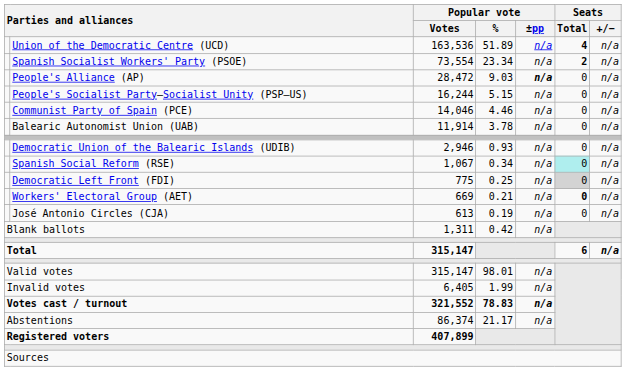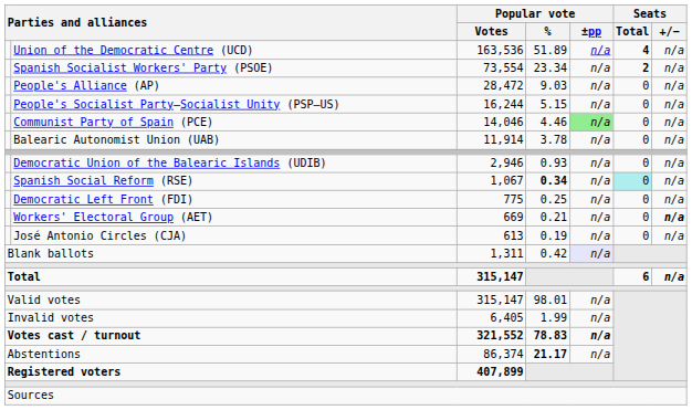 <table class="wikitable" style="text-align:right;">
 <tr>
 <th style="text-align:left;" rowspan="2" colspan="2" width="525">Parties and alliances</th>
 <th colspan="3">Popular vote</th>
 <th colspan="2">Seats</th>
 </tr>
 <tr>
 <th width="75">Votes</th>
 <th width="45">%</th>
 <th width="45">±<a href='#'>pp</a></th>
 <th width="35">Total</th>
 <th width="35">+/−</th>
 </tr>
 <tr>
 <td width="1" style="color:inherit;background:"></td>
 <td align="left"><a href='#'>Union of the Democratic Centre</a> (UCD)</td>
 <td>163,536</td>
 <td>51.89</td>
 <td><em><a href='#'>n/a</a></em></td>
 <td><strong>4</strong></td>
 <td><em>n/a</em></td>
 </tr>
 <tr>
 <td style="color:inherit;background:"></td>
 <td align="left"><a href='#'>Spanish Socialist Workers' Party</a> (PSOE)</td>
 <td>73,554</td>
 <td>23.34</td>
 <td><em>n/a</em></td>
 <td><strong>2</strong></td>
 <td><em>n/a</em></td>
 </tr>
 <tr>
 <td style="color:inherit;background:"></td>
 <td align="left"><a href='#'>People's Alliance</a> (AP)</td>
 <td>28,472</td>
 <td>9.03</td>
-<td><strong><em>n/a</em></strong></td>
+<td><em>n/a</em></td>
 <td>0</td>
 <td><em>n/a</em></td>
 </tr>
 <tr>
 <td style="color:inherit;background:"></td>
 <td align="left"><a href='#'>People's Socialist Party</a>–<a href='#'>Socialist Unity</a> (PSP–US)</td>
 <td>16,244</td>
 <td>5.15</td>
 <td><em>n/a</em></td>
 <td>0</td>
 <td><em>n/a</em></td>
 </tr>
 <tr>
 <td style="color:inherit;background:"></td>
 <td align="left"><a href='#'>Communist Party of Spain</a> (PCE)</td>
 <td>14,046</td>
 <td>4.46</td>
-<td><em>n/a</em></td>
+<td style="background: lightgreen;"><em>n/a</em></td>
 <td>0</td>
 <td><em>n/a</em></td>
 </tr>
 <tr>
 <td style="color:inherit;background:"></td>
 <td align="left">Balearic Autonomist Union (UAB)</td>
 <td>11,914</td>
 <td>3.78</td>
 <td><em>n/a</em></td>
 <td>0</td>
 <td><em>n/a</em></td>
 </tr>
 <tr>
 <td colspan="7" bgcolor="#C0C0C0"></td>
 </tr>
 <tr>
 <td style="color:inherit;background:"></td>
 <td align="left"><a href='#'>Democratic Union of the Balearic Islands</a> (UDIB)</td>
 <td>2,946</td>
 <td>0.93</td>
 <td><em>n/a</em></td>
 <td>0</td>
 <td><em>n/a</em></td>
 </tr>
 <tr>
 <td style="color:inherit;background:"></td>
 <td align="left"><a href='#'>Spanish Social Reform</a> (RSE)</td>
 <td>1,067</td>
-<td>0.34</td>
+<td><strong>0.34</strong></td>
 <td><em>n/a</em></td>
 <td style="background: paleturquoise;">0</td>
 <td><em>n/a</em></td>
 </tr>
 <tr>
 <td style="color:inherit;background:"></td>
 <td align="left"><a href='#'>Democratic Left Front</a> (FDI)</td>
 <td>775</td>
 <td>0.25</td>
 <td><em>n/a</em></td>
-<td style="background: lightgrey;">0</td>
+<td>0</td>
 <td><em>n/a</em></td>
 </tr>
 <tr>
 <td style="color:inherit;background:"></td>
 <td align="left"><a href='#'>Workers' Electoral Group</a> (AET)</td>
 <td>669</td>
 <td>0.21</td>
 <td><em>n/a</em></td>
-<td><strong>0</strong></td>
-<td><em>n/a</em></td>
+<td>0</td>
+<td><strong><em>n/a</em></strong></td>
 </tr>
 <tr>
 <td style="color:inherit;background:"></td>
 <td align="left">José Antonio Circles (CJA)</td>
 <td>613</td>
 <td>0.19</td>
 <td><em>n/a</em></td>
 <td>0</td>
 <td><em>n/a</em></td>
 </tr>
 <tr>
 <td align="left" colspan="2">Blank ballots</td>
 <td>1,311</td>
 <td>0.42</td>
-<td><em>n/a</em></td>
+<td style="background: lavender;"><em>n/a</em></td>
 <td bgcolor="#E9E9E9" colspan="2"></td>
 </tr>
 <tr>
 <td colspan="7" bgcolor="#E9E9E9"></td>
 </tr>
 <tr style="font-weight:bold;">
 <td align="left" colspan="2">Total</td>
 <td>315,147</td>
 <td bgcolor="#E9E9E9" colspan="2"></td>
 <td>6</td>
 <td><em>n/a</em></td>
 </tr>
 <tr>
 <td colspan="7" bgcolor="#E9E9E9"></td>
 </tr>
 <tr>
 <td align="left" colspan="2">Valid votes</td>
 <td>315,147</td>
 <td>98.01</td>
 <td><em>n/a</em></td>
 <td bgcolor="#E9E9E9" colspan="2" rowspan="5"></td>
 </tr>
 <tr>
 <td align="left" colspan="2">Invalid votes</td>
 <td>6,405</td>
 <td>1.99</td>
 <td><em>n/a</em></td>
 </tr>
 <tr style="font-weight:bold;">
 <td align="left" colspan="2">Votes cast / turnout</td>
 <td>321,552</td>
 <td>78.83</td>
 <td><em>n/a</em></td>
 </tr>
 <tr>
 <td align="left" colspan="2">Abstentions</td>
 <td>86,374</td>
-<td>21.17</td>
+<td><strong>21.17</strong></td>
 <td><em>n/a</em></td>
 </tr>
 <tr style="font-weight:bold;">
 <td align="left" colspan="2">Registered voters</td>
 <td>407,899</td>
 <td bgcolor="#E9E9E9" colspan="2"></td>
 </tr>
 <tr>
 <td colspan="7" bgcolor="#E9E9E9"></td>
 </tr>
 <tr>
 <td align="left" colspan="7">Sources</td>
 </tr>
 </table>
